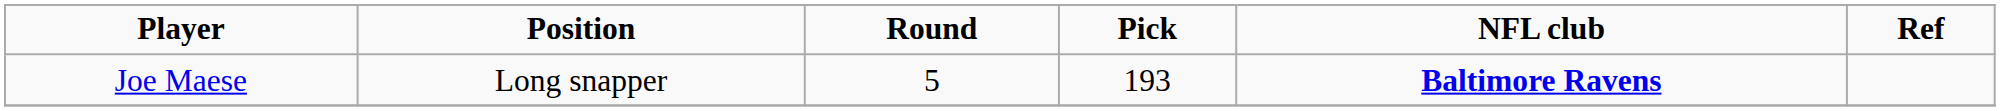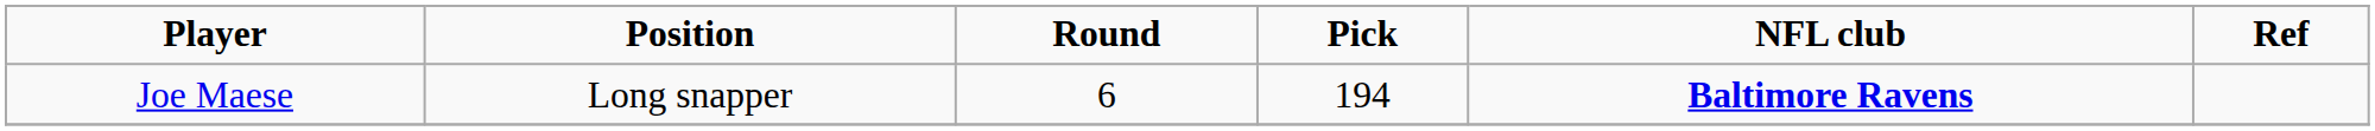 <table class="wikitable" width="80%">
 <tr align="center">
 <td><strong>Player</strong></td>
 <td><strong>Position</strong></td>
 <td><strong>Round</strong></td>
 <td><strong>Pick</strong></td>
 <td><strong>NFL club</strong></td>
 <td><strong>Ref</strong></td>
 </tr>
 <tr align="center" bgcolor="">
 <td><a href='#'>Joe Maese</a></td>
 <td>Long snapper</td>
-<td>5</td>
-<td>193</td>
+<td>6</td>
+<td>194</td>
 <td><strong><a href='#'>Baltimore Ravens</a></strong></td>
 <td></td>
 </tr>
 <tr align="center" bgcolor="">
 </tr>
 </table>
